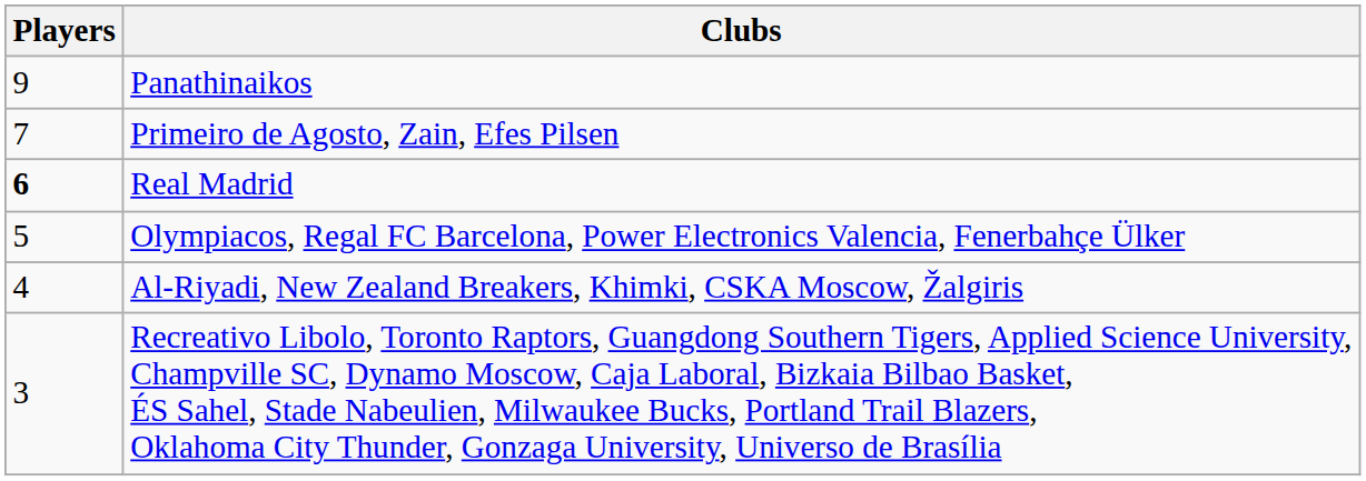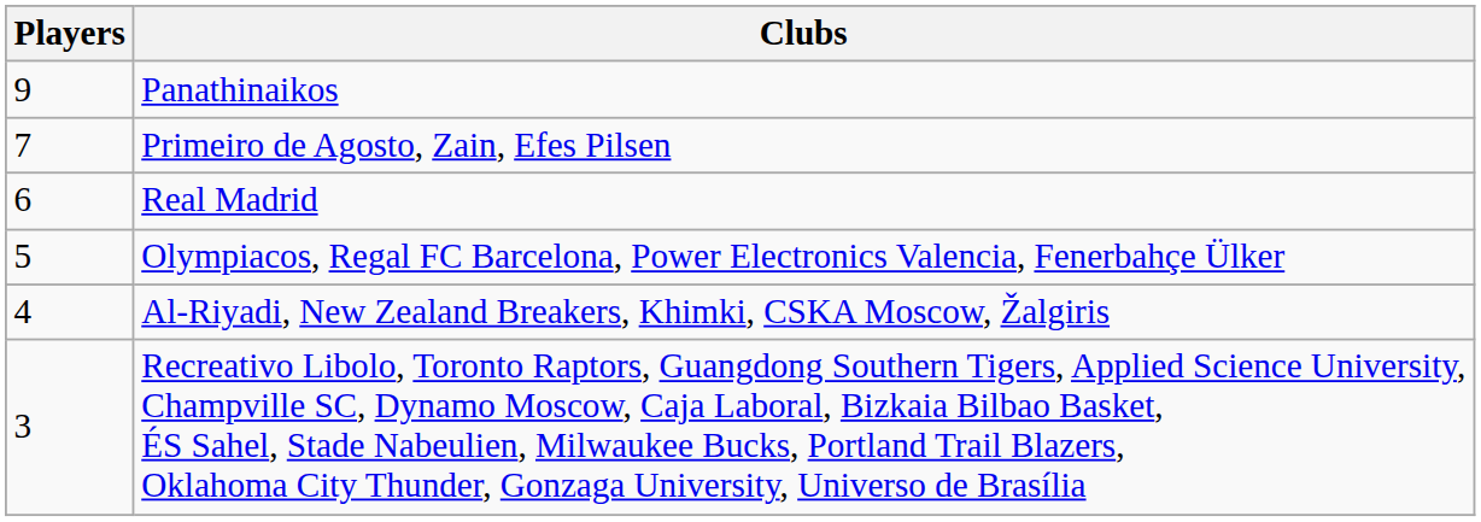 <table class="wikitable">
 <tr>
 <th>Players</th>
 <th>Clubs</th>
 </tr>
 <tr>
 <td>9</td>
 <td> <a href='#'>Panathinaikos</a></td>
 </tr>
 <tr>
 <td>7</td>
 <td> <a href='#'>Primeiro de Agosto</a>,  <a href='#'>Zain</a>,  <a href='#'>Efes Pilsen</a></td>
 </tr>
 <tr>
-<td><strong>6</strong></td>
+<td>6</td>
 <td> <a href='#'>Real Madrid</a></td>
 </tr>
 <tr>
 <td>5</td>
 <td> <a href='#'>Olympiacos</a>,  <a href='#'>Regal FC Barcelona</a>,  <a href='#'>Power Electronics Valencia</a>,  <a href='#'>Fenerbahçe Ülker</a></td>
 </tr>
 <tr>
 <td>4</td>
 <td> <a href='#'>Al-Riyadi</a>,  <a href='#'>New Zealand Breakers</a>,  <a href='#'>Khimki</a>,  <a href='#'>CSKA Moscow</a>,  <a href='#'>Žalgiris</a></td>
 </tr>
 <tr>
 <td>3</td>
 <td> <a href='#'>Recreativo Libolo</a>,  <a href='#'>Toronto Raptors</a>,  <a href='#'>Guangdong Southern Tigers</a>,  <a href='#'>Applied Science University</a>,<br> <a href='#'>Champville SC</a>,  <a href='#'>Dynamo Moscow</a>,  <a href='#'>Caja Laboral</a>,  <a href='#'>Bizkaia Bilbao Basket</a>,<br> <a href='#'>ÉS Sahel</a>,  <a href='#'>Stade Nabeulien</a>,  <a href='#'>Milwaukee Bucks</a>,  <a href='#'>Portland Trail Blazers</a>,<br> <a href='#'>Oklahoma City Thunder</a>,  <a href='#'>Gonzaga University</a>,  <a href='#'>Universo de Brasília</a></td>
 </tr>
 </table>
